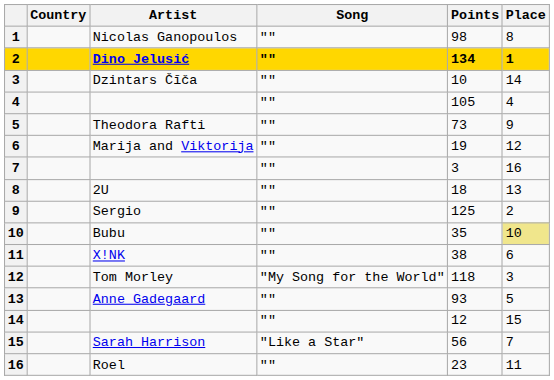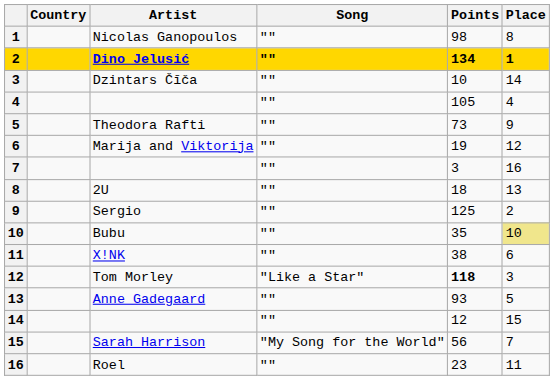 <table class="sortable wikitable plainrowheaders">
 <tr>
 <th scope="col"></th>
 <th scope="col">Country</th>
 <th scope="col">Artist</th>
 <th scope="col">Song</th>
 <th scope="col">Points</th>
 <th scope="col">Place</th>
 </tr>
 <tr>
 <th scope="row" style="text-align:center;">1</th>
 <td></td>
 <td>Nicolas Ganopoulos</td>
 <td>""</td>
 <td>98</td>
 <td>8</td>
 </tr>
 <tr style="font-weight:bold; background:gold;">
 <th scope="row" style="text-align:center; font-weight:bold; background:gold;">2</th>
 <td></td>
 <td><a href='#'>Dino Jelusić</a></td>
 <td>""</td>
 <td>134</td>
 <td>1</td>
 </tr>
 <tr>
 <th scope="row" style="text-align:center;">3</th>
 <td></td>
 <td>Dzintars Čīča</td>
 <td>""</td>
 <td>10</td>
 <td>14</td>
 </tr>
 <tr>
 <th scope="row" style="text-align:center;">4</th>
 <td></td>
 <td></td>
 <td>""</td>
 <td>105</td>
 <td>4</td>
 </tr>
 <tr>
 <th scope="row" style="text-align:center;">5</th>
 <td></td>
 <td>Theodora Rafti</td>
 <td>""</td>
 <td>73</td>
 <td>9</td>
 </tr>
 <tr>
 <th scope="row" style="text-align:center;">6</th>
 <td></td>
 <td>Marija and <a href='#'>Viktorija</a></td>
 <td>""</td>
 <td>19</td>
 <td>12</td>
 </tr>
 <tr>
 <th scope="row" style="text-align:center;">7</th>
 <td></td>
 <td></td>
 <td>""</td>
 <td>3</td>
 <td>16</td>
 </tr>
 <tr>
 <th scope="row" style="text-align:center;">8</th>
 <td></td>
 <td>2U</td>
 <td>""</td>
 <td>18</td>
 <td>13</td>
 </tr>
 <tr>
 <th scope="row" style="text-align:center;">9</th>
 <td></td>
 <td>Sergio</td>
 <td>""</td>
 <td>125</td>
 <td>2</td>
 </tr>
 <tr>
 <th scope="row" style="text-align:center;">10</th>
 <td></td>
 <td>Bubu</td>
 <td>""</td>
 <td>35</td>
 <td style="background: khaki;">10</td>
 </tr>
 <tr>
 <th scope="row" style="text-align:center;">11</th>
 <td></td>
 <td><a href='#'>X!NK</a></td>
 <td>""</td>
 <td>38</td>
 <td>6</td>
 </tr>
 <tr>
 <th scope="row" style="text-align:center;">12</th>
 <td></td>
 <td>Tom Morley</td>
-<td>"My Song for the World"</td>
-<td>118</td>
+<td>"Like a Star"</td>
+<td><strong>118</strong></td>
 <td>3</td>
 </tr>
 <tr>
 <th scope="row" style="text-align:center;">13</th>
 <td></td>
 <td><a href='#'>Anne Gadegaard</a></td>
 <td>""</td>
 <td>93</td>
 <td>5</td>
 </tr>
 <tr>
 <th scope="row" style="text-align:center;">14</th>
 <td></td>
 <td></td>
 <td>""</td>
 <td>12</td>
 <td>15</td>
 </tr>
 <tr>
 <th scope="row" style="text-align:center;">15</th>
 <td></td>
 <td><a href='#'>Sarah Harrison</a></td>
-<td>"Like a Star"</td>
+<td>"My Song for the World"</td>
 <td>56</td>
 <td>7</td>
 </tr>
 <tr>
 <th scope="row" style="text-align:center;">16</th>
 <td></td>
 <td>Roel</td>
 <td>""</td>
 <td>23</td>
 <td>11</td>
 </tr>
 </table>
